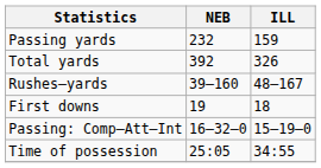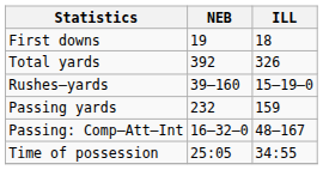 <table class="wikitable" style="float: left;">
 <tr>
 <th>Statistics</th>
 <th>NEB</th>
 <th>ILL</th>
 </tr>
 <tr>
-<td>Passing yards</td>
-<td>232</td>
-<td>159</td>
+<td>First downs</td>
+<td>19</td>
+<td>18</td>
 </tr>
 <tr>
 <td>Total yards</td>
 <td>392</td>
 <td>326</td>
 </tr>
 <tr>
 <td>Rushes–yards</td>
 <td>39–160</td>
-<td>48–167</td>
+<td>15–19–0</td>
 </tr>
 <tr>
-<td>First downs</td>
-<td>19</td>
-<td>18</td>
+<td>Passing yards</td>
+<td>232</td>
+<td>159</td>
 </tr>
 <tr>
 <td>Passing: Comp–Att–Int</td>
 <td>16–32–0</td>
-<td>15–19–0</td>
+<td>48–167</td>
 </tr>
 <tr>
 <td>Time of possession</td>
 <td>25:05</td>
 <td>34:55</td>
 </tr>
 <tr>
 </tr>
 </table>
